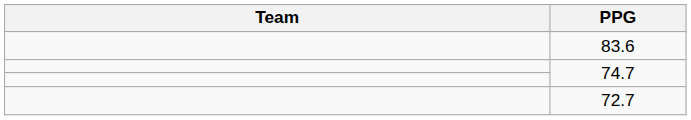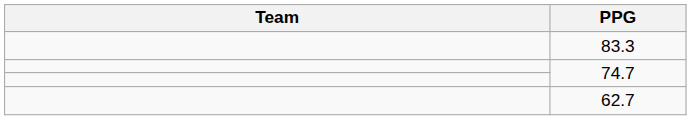 <table class=wikitable width="50%">
 <tr>
 <th width="80%">Team</th>
 <th width="20%">PPG</th>
 </tr>
 <tr>
 <td></td>
-<td align=center>83.6</td>
+<td align=center>83.3</td>
 </tr>
 <tr>
 <td></td>
 <td align=center rowspan=2>74.7</td>
 </tr>
 <tr>
 <td></td>
 </tr>
 <tr>
 <td></td>
-<td align=center>72.7</td>
+<td align=center>62.7</td>
 </tr>
 </table>
